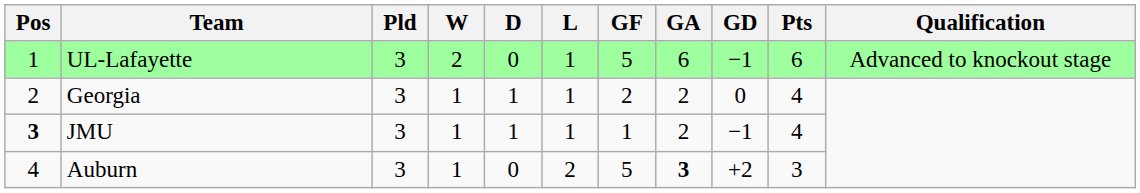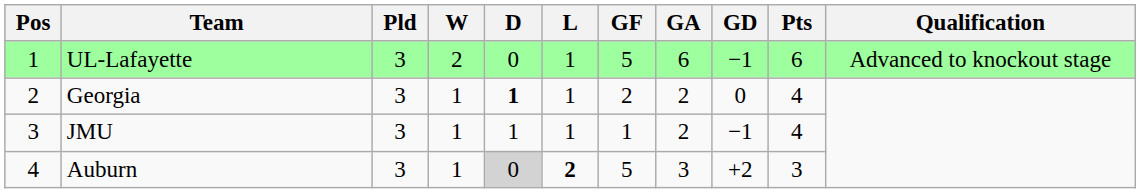 <table class="wikitable" style="text-align:center; margin: 1em auto">
 <tr>
 <th style="width:2em">Pos</th>
 <th style="width:13em">Team</th>
 <th style="width:2em">Pld</th>
 <th style="width:2em">W</th>
 <th style="width:2em">D</th>
 <th style="width:2em">L</th>
 <th style="width:2em">GF</th>
 <th style="width:2em">GA</th>
 <th style="width:2em">GD</th>
 <th style="width:2em">Pts</th>
 <th style="width:13em">Qualification</th>
 </tr>
 <tr bgcolor="#9eff9e">
 <td>1</td>
 <td style="text-align:left">UL-Lafayette</td>
 <td>3</td>
 <td>2</td>
 <td>0</td>
 <td>1</td>
 <td>5</td>
 <td>6</td>
 <td>−1</td>
 <td>6</td>
 <td>Advanced to knockout stage</td>
 </tr>
 <tr>
 <td>2</td>
 <td style="text-align:left">Georgia</td>
 <td>3</td>
 <td>1</td>
-<td>1</td>
+<td><strong>1</strong></td>
 <td>1</td>
 <td>2</td>
 <td>2</td>
 <td>0</td>
 <td>4</td>
 <td rowspan="3"></td>
 </tr>
 <tr>
-<td><strong>3</strong></td>
+<td>3</td>
 <td style="text-align:left">JMU</td>
 <td>3</td>
 <td>1</td>
 <td>1</td>
 <td>1</td>
 <td>1</td>
 <td>2</td>
 <td>−1</td>
 <td>4</td>
 </tr>
 <tr>
 <td>4</td>
 <td style="text-align:left">Auburn</td>
 <td>3</td>
 <td>1</td>
-<td>0</td>
-<td>2</td>
+<td style="background: lightgrey;">0</td>
+<td><strong>2</strong></td>
 <td>5</td>
-<td><strong>3</strong></td>
+<td>3</td>
 <td>+2</td>
 <td>3</td>
 </tr>
 </table>
